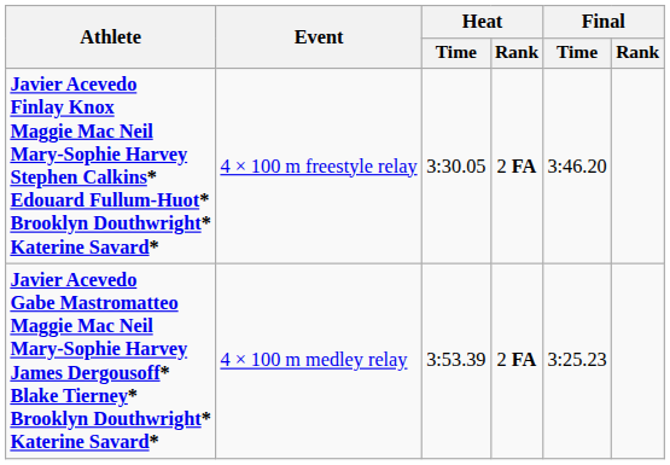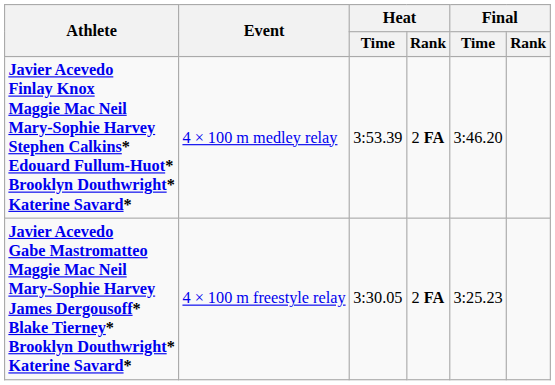 <table class=wikitable style="font-size:90%">
 <tr>
 <th rowspan=2>Athlete</th>
 <th rowspan=2>Event</th>
 <th colspan=2>Heat</th>
 <th colspan=2>Final</th>
 </tr>
 <tr style="font-size:95%">
 <th>Time</th>
 <th>Rank</th>
 <th>Time</th>
 <th>Rank</th>
 </tr>
 <tr align=center>
 <td align=left><strong><a href='#'>Javier Acevedo</a><br><a href='#'>Finlay Knox</a><br><a href='#'>Maggie Mac Neil</a><br><a href='#'>Mary-Sophie Harvey</a><br><a href='#'>Stephen Calkins</a>*<br><a href='#'>Edouard Fullum-Huot</a>*<br><a href='#'>Brooklyn Douthwright</a>*<br><a href='#'>Katerine Savard</a>*</strong></td>
-<td align=left><a href='#'>4 × 100 m freestyle relay</a></td>
-<td>3:30.05</td>
+<td align=left><a href='#'>4 × 100 m medley relay</a></td>
+<td>3:53.39</td>
 <td>2 <strong>FA</strong></td>
 <td>3:46.20</td>
 <td></td>
 </tr>
 <tr align=center>
 <td align=left><strong><a href='#'>Javier Acevedo</a><br><a href='#'>Gabe Mastromatteo</a><br><a href='#'>Maggie Mac Neil</a><br><a href='#'>Mary-Sophie Harvey</a><br><a href='#'>James Dergousoff</a>*<br><a href='#'>Blake Tierney</a>*<br><a href='#'>Brooklyn Douthwright</a>*<br><a href='#'>Katerine Savard</a>*</strong></td>
-<td align=left><a href='#'>4 × 100 m medley relay</a></td>
-<td>3:53.39</td>
+<td align=left><a href='#'>4 × 100 m freestyle relay</a></td>
+<td>3:30.05</td>
 <td>2 <strong>FA</strong></td>
 <td>3:25.23</td>
 <td></td>
 </tr>
 </table>
